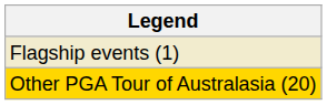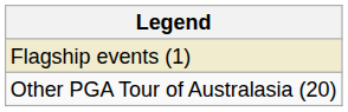 <table class="wikitable" style="font-size:95%;">
 <tr>
 <th>Legend</th>
 </tr>
 <tr style="background:#f2ecce;">
 <td>Flagship events (1)</td>
 </tr>
 <tr>
-<td style="background: gold;">Other PGA Tour of Australasia (20)</td>
+<td>Other PGA Tour of Australasia (20)</td>
 </tr>
 </table>
